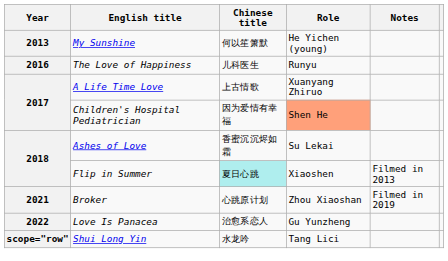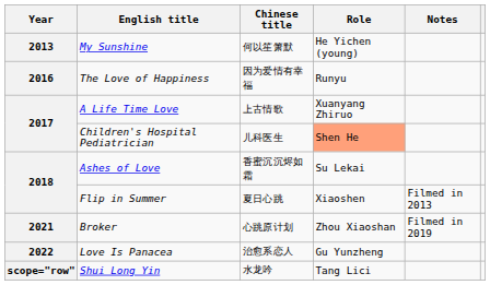 <table class="wikitable plainrowheaders">
 <tr>
 <th scope="col">Year</th>
 <th scope="col">English title</th>
 <th scope="col">Chinese title</th>
 <th scope="col">Role</th>
 <th scope="col">Notes</th>
 <th scope="col" class="unsortable"></th>
 </tr>
 <tr>
 <th scope="row">2013</th>
 <td><em><a href='#'>My Sunshine</a></em></td>
 <td>何以笙箫默</td>
 <td>He Yichen (young)</td>
 <td></td>
 <td></td>
 </tr>
 <tr>
 <th scope="row">2016</th>
 <td><em>The Love of Happiness</em></td>
-<td>儿科医生</td>
+<td>因为爱情有幸福</td>
 <td>Runyu</td>
 <td></td>
 <td></td>
 </tr>
 <tr>
 <th scope="row" rowspan="2">2017</th>
 <td><em><a href='#'>A Life Time Love</a></em></td>
 <td>上古情歌</td>
 <td>Xuanyang Zhiruo</td>
 <td></td>
 <td></td>
 </tr>
 <tr>
 <td><em>Children's Hospital Pediatrician</em></td>
-<td>因为爱情有幸福</td>
+<td>儿科医生</td>
 <td style="background: lightsalmon;">Shen He</td>
 <td></td>
 <td></td>
 </tr>
 <tr>
 <th scope="row" rowspan="2">2018</th>
 <td><em><a href='#'>Ashes of Love</a></em></td>
 <td>香蜜沉沉烬如霜</td>
 <td>Su Lekai</td>
 <td></td>
 <td></td>
 </tr>
 <tr>
 <td><em>Flip in Summer</em></td>
-<td style="background: paleturquoise;">夏日心跳</td>
+<td>夏日心跳</td>
 <td>Xiaoshen</td>
 <td>Filmed in 2013</td>
 <td></td>
 </tr>
 <tr>
 <th scope="row">2021</th>
 <td><em>Broker</em></td>
 <td>心跳原计划</td>
 <td>Zhou Xiaoshan</td>
 <td>Filmed in 2019</td>
 <td></td>
 </tr>
 <tr>
 <th scope="row">2022</th>
 <td><em>Love Is Panacea</em></td>
 <td>治愈系恋人</td>
 <td>Gu Yunzheng</td>
 <td></td>
 <td></td>
 </tr>
 <tr>
 <th>scope="row" </th>
 <td><em><a href='#'>Shui Long Yin</a></em></td>
 <td>水龙吟</td>
 <td>Tang Lici</td>
 <td></td>
 <td></td>
 </tr>
 </table>
